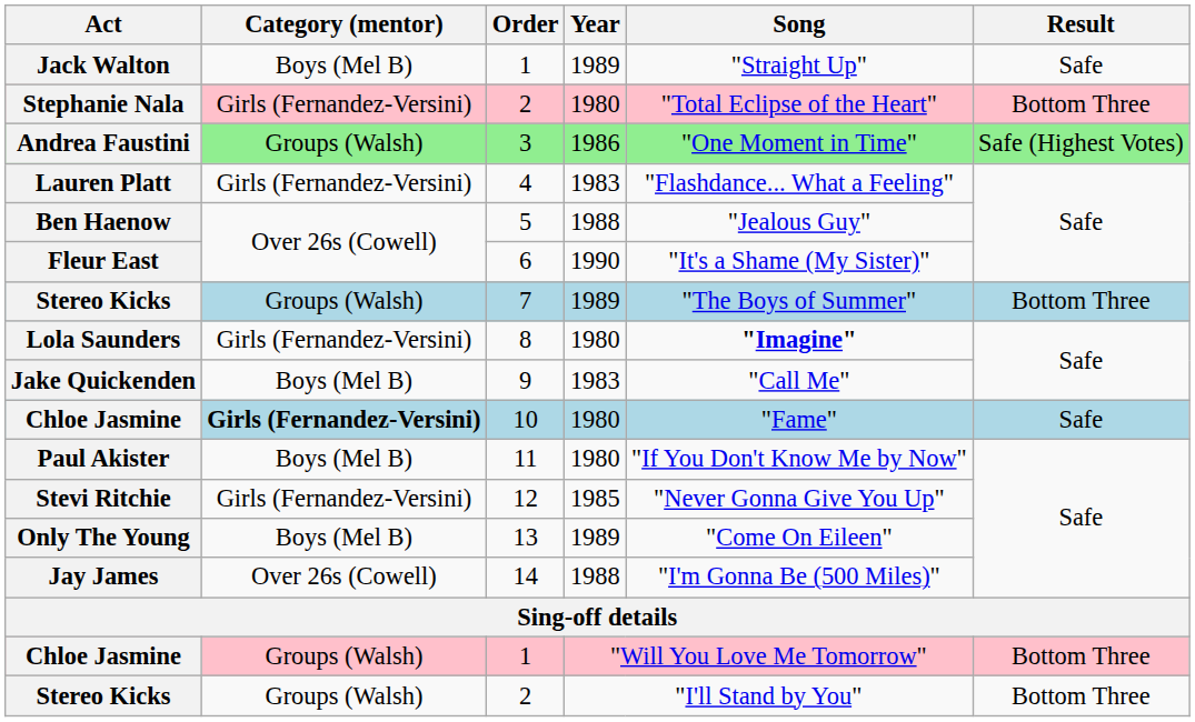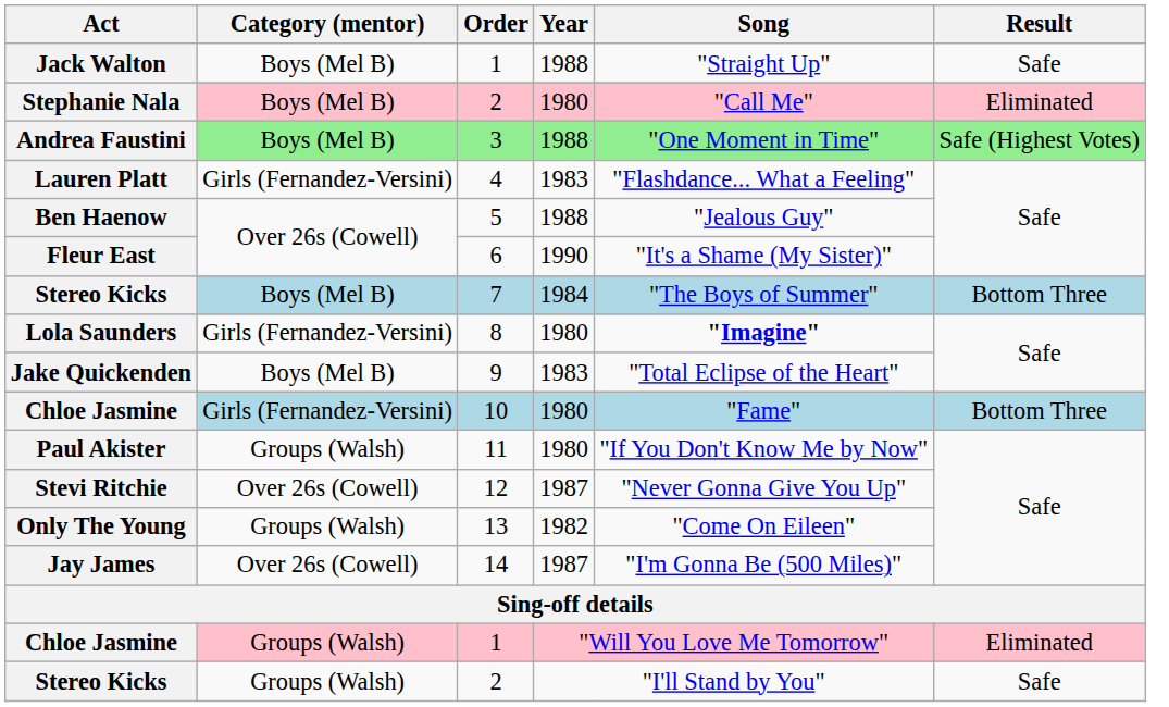 <table class="wikitable plainrowheaders" style="text-align:center;">
 <tr>
 <th scope="col">Act</th>
 <th scope="col">Category (mentor)</th>
 <th scope="col">Order</th>
 <th scope="col">Year</th>
 <th scope="col">Song</th>
 <th scope="col">Result</th>
 </tr>
 <tr>
 <th scope="row">Jack Walton</th>
 <td>Boys (Mel B)</td>
 <td>1</td>
-<td>1989</td>
+<td>1988</td>
 <td>"<a href='#'>Straight Up</a>"</td>
 <td>Safe</td>
 </tr>
 <tr style="background:pink;">
 <th scope="row">Stephanie Nala</th>
-<td>Girls (Fernandez-Versini)</td>
+<td>Boys (Mel B)</td>
 <td>2</td>
 <td>1980</td>
-<td>"<a href='#'>Total Eclipse of the Heart</a>"</td>
-<td>Bottom Three</td>
+<td>"<a href='#'>Call Me</a>"</td>
+<td>Eliminated</td>
 </tr>
 <tr style="background:lightgreen;">
 <th scope="row">Andrea Faustini</th>
-<td>Groups (Walsh)</td>
+<td>Boys (Mel B)</td>
 <td>3</td>
-<td>1986</td>
+<td>1988</td>
 <td>"<a href='#'>One Moment in Time</a>"</td>
 <td>Safe (Highest Votes)</td>
 </tr>
 <tr>
 <th scope="row">Lauren Platt</th>
 <td>Girls (Fernandez-Versini)</td>
 <td>4</td>
 <td>1983</td>
 <td>"<a href='#'>Flashdance... What a Feeling</a>"</td>
 <td rowspan=3>Safe</td>
 </tr>
 <tr>
 <th scope="row">Ben Haenow</th>
 <td rowspan=2>Over 26s (Cowell)</td>
 <td>5</td>
 <td>1988</td>
 <td>"<a href='#'>Jealous Guy</a>"</td>
 </tr>
 <tr>
 <th scope="row">Fleur East</th>
 <td>6</td>
 <td>1990</td>
 <td>"<a href='#'>It's a Shame (My Sister)</a>"</td>
 </tr>
 <tr style="background:lightblue;">
 <th scope="row">Stereo Kicks</th>
-<td>Groups (Walsh)</td>
+<td>Boys (Mel B)</td>
 <td>7</td>
-<td>1989</td>
+<td>1984</td>
 <td>"<a href='#'>The Boys of Summer</a>"</td>
 <td>Bottom Three</td>
 </tr>
 <tr>
 <th scope="row">Lola Saunders</th>
 <td>Girls (Fernandez-Versini)</td>
 <td>8</td>
 <td>1980</td>
 <td><strong>"<a href='#'>Imagine</a>"</strong></td>
 <td rowspan=2>Safe</td>
 </tr>
 <tr>
 <th scope="row">Jake Quickenden</th>
 <td>Boys (Mel B)</td>
 <td>9</td>
 <td>1983</td>
-<td>"<a href='#'>Call Me</a>"</td>
+<td>"<a href='#'>Total Eclipse of the Heart</a>"</td>
 </tr>
 <tr style="background:lightblue;">
 <th scope="row">Chloe Jasmine</th>
-<td><strong>Girls (Fernandez-Versini)</strong></td>
+<td>Girls (Fernandez-Versini)</td>
 <td>10</td>
 <td>1980</td>
 <td>"<a href='#'>Fame</a>"</td>
-<td>Safe</td>
+<td>Bottom Three</td>
 </tr>
 <tr>
 <th scope="row">Paul Akister</th>
-<td>Boys (Mel B)</td>
+<td>Groups (Walsh)</td>
 <td>11</td>
 <td>1980</td>
 <td>"<a href='#'>If You Don't Know Me by Now</a>"</td>
 <td rowspan=4>Safe</td>
 </tr>
 <tr>
 <th scope="row">Stevi Ritchie</th>
-<td>Girls (Fernandez-Versini)</td>
+<td>Over 26s (Cowell)</td>
 <td>12</td>
-<td>1985</td>
+<td>1987</td>
 <td>"<a href='#'>Never Gonna Give You Up</a>"</td>
 </tr>
 <tr>
 <th scope="row">Only The Young</th>
-<td>Boys (Mel B)</td>
+<td>Groups (Walsh)</td>
 <td>13</td>
-<td>1989</td>
+<td>1982</td>
 <td>"<a href='#'>Come On Eileen</a>"</td>
 </tr>
 <tr>
 <th scope="row">Jay James</th>
 <td>Over 26s (Cowell)</td>
 <td>14</td>
-<td>1988</td>
+<td>1987</td>
 <td>"<a href='#'>I'm Gonna Be (500 Miles)</a>"</td>
 </tr>
 <tr>
 <th colspan=6>Sing-off details</th>
 </tr>
 <tr style="background:pink;">
 <th scope="row">Chloe Jasmine</th>
 <td>Groups (Walsh)</td>
 <td>1</td>
 <td colspan=2>"<a href='#'>Will You Love Me Tomorrow</a>"</td>
-<td>Bottom Three</td>
+<td>Eliminated</td>
 </tr>
 <tr>
 <th scope="row">Stereo Kicks</th>
 <td>Groups (Walsh)</td>
 <td>2</td>
 <td colspan=2>"<a href='#'>I'll Stand by You</a>"</td>
-<td>Bottom Three</td>
+<td>Safe</td>
 </tr>
 </table>
